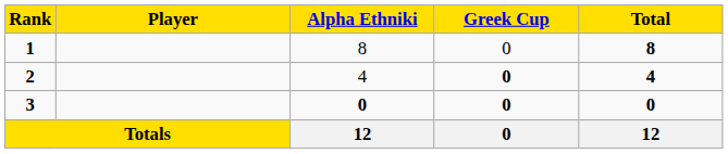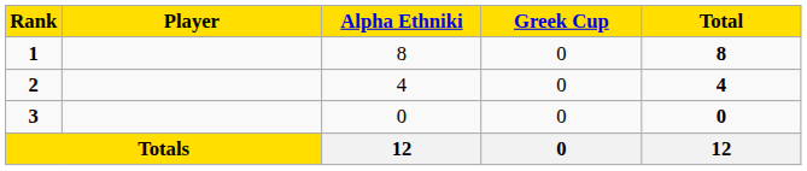 <table class="wikitable sortable" style="text-align:center">
 <tr>
 <th style="background:#FFDE00">Rank</th>
 <th width=200 style="background:#FFDE00">Player</th>
 <th width=120 style="background:#FFDE00"><a href='#'>Alpha Ethniki</a></th>
 <th width=120 style="background:#FFDE00"><a href='#'>Greek Cup</a></th>
 <th width=120 style="background:#FFDE00">Total</th>
 </tr>
 <tr>
 <td><strong>1</strong></td>
 <td align=left></td>
 <td>8</td>
 <td>0</td>
 <td><strong>8</strong></td>
 </tr>
 <tr>
 <td><strong>2</strong></td>
 <td align=left></td>
 <td>4</td>
-<td><strong>0</strong></td>
+<td>0</td>
 <td><strong>4</strong></td>
 </tr>
 <tr>
 <td><strong>3</strong></td>
 <td align=left></td>
-<td><strong>0</strong></td>
-<td><strong>0</strong></td>
+<td>0</td>
+<td>0</td>
 <td><strong>0</strong></td>
 </tr>
 <tr class="sortbottom">
 <th colspan=2 style="background:#FFDE00"><strong>Totals</strong></th>
 <th><strong>12</strong></th>
 <th><strong> 0</strong></th>
 <th><strong>12</strong></th>
 </tr>
 </table>
